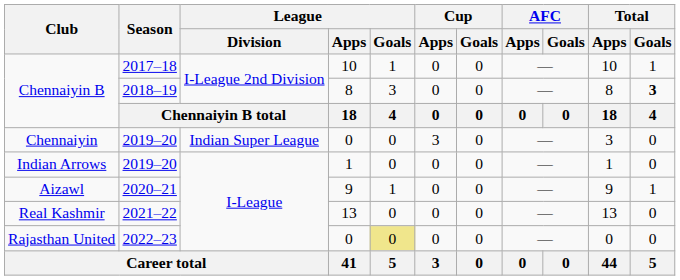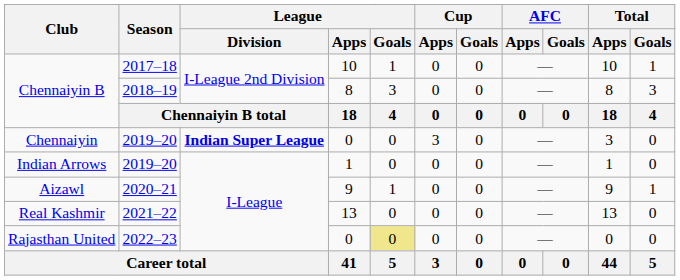 <table class="wikitable" style="text-align: center;">
 <tr>
 <th rowspan="2">Club</th>
 <th rowspan="2">Season</th>
 <th colspan="3">League</th>
 <th colspan="2">Cup</th>
 <th colspan="2"><a href='#'>AFC</a></th>
 <th colspan="2">Total</th>
 </tr>
 <tr>
 <th>Division</th>
 <th>Apps</th>
 <th>Goals</th>
 <th>Apps</th>
 <th>Goals</th>
 <th>Apps</th>
 <th>Goals</th>
 <th>Apps</th>
 <th>Goals</th>
 </tr>
 <tr>
 <td rowspan="3"><a href='#'>Chennaiyin B</a></td>
 <td><a href='#'>2017–18</a></td>
 <td rowspan="2"><a href='#'>I-League 2nd Division</a></td>
 <td>10</td>
 <td>1</td>
 <td>0</td>
 <td>0</td>
 <td colspan="2">—</td>
 <td>10</td>
 <td>1</td>
 </tr>
 <tr>
 <td><a href='#'>2018–19</a></td>
 <td>8</td>
 <td>3</td>
 <td>0</td>
 <td>0</td>
 <td colspan="2">—</td>
 <td>8</td>
-<td><strong>3</strong></td>
+<td>3</td>
 </tr>
 <tr>
 <th colspan="2">Chennaiyin B total</th>
 <th>18</th>
 <th>4</th>
 <th>0</th>
 <th>0</th>
 <th>0</th>
 <th>0</th>
 <th>18</th>
 <th>4</th>
 </tr>
 <tr>
 <td rowspan="1"><a href='#'>Chennaiyin</a></td>
 <td><a href='#'>2019–20</a></td>
-<td rowspan="1"><a href='#'>Indian Super League</a></td>
+<td rowspan="1"><strong><a href='#'>Indian Super League</a></strong></td>
 <td>0</td>
 <td>0</td>
 <td>3</td>
 <td>0</td>
 <td colspan="2">—</td>
 <td>3</td>
 <td>0</td>
 </tr>
 <tr>
 <td rowspan="1"><a href='#'>Indian Arrows</a></td>
 <td><a href='#'>2019–20</a></td>
 <td rowspan="4"><a href='#'>I-League</a></td>
 <td>1</td>
 <td>0</td>
 <td>0</td>
 <td>0</td>
 <td colspan="2">—</td>
 <td>1</td>
 <td>0</td>
 </tr>
 <tr>
 <td rowspan="1"><a href='#'>Aizawl</a></td>
 <td><a href='#'>2020–21</a></td>
 <td>9</td>
 <td>1</td>
 <td>0</td>
 <td>0</td>
 <td colspan="2">—</td>
 <td>9</td>
 <td>1</td>
 </tr>
 <tr>
 <td rowspan="1"><a href='#'>Real Kashmir</a></td>
 <td><a href='#'>2021–22</a></td>
 <td>13</td>
 <td>0</td>
 <td>0</td>
 <td>0</td>
 <td colspan="2">—</td>
 <td>13</td>
 <td>0</td>
 </tr>
 <tr>
 <td rowspan="1"><a href='#'>Rajasthan United</a></td>
 <td><a href='#'>2022–23</a></td>
 <td>0</td>
 <td style="background: khaki;">0</td>
 <td>0</td>
 <td>0</td>
 <td colspan="2">—</td>
 <td>0</td>
 <td>0</td>
 </tr>
 <tr>
 <th colspan="3">Career total</th>
 <th>41</th>
 <th>5</th>
 <th>3</th>
 <th>0</th>
 <th>0</th>
 <th>0</th>
 <th>44</th>
 <th>5</th>
 </tr>
 </table>
